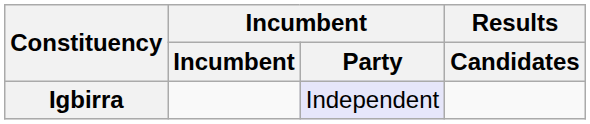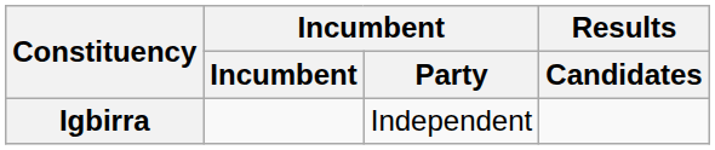 <table class="wikitable sortable">
 <tr>
 <th rowspan="2">Constituency</th>
 <th colspan="2">Incumbent</th>
 <th>Results</th>
 </tr>
 <tr valign="bottom">
 <th>Incumbent</th>
 <th>Party</th>
 <th>Candidates</th>
 </tr>
 <tr>
 <th>Igbirra</th>
 <td></td>
-<td style="background: lavender;">Independent</td>
+<td>Independent</td>
 <td nowrap=""></td>
 </tr>
 </table>
